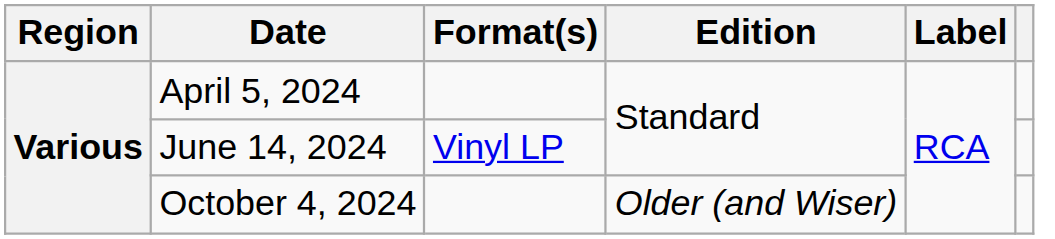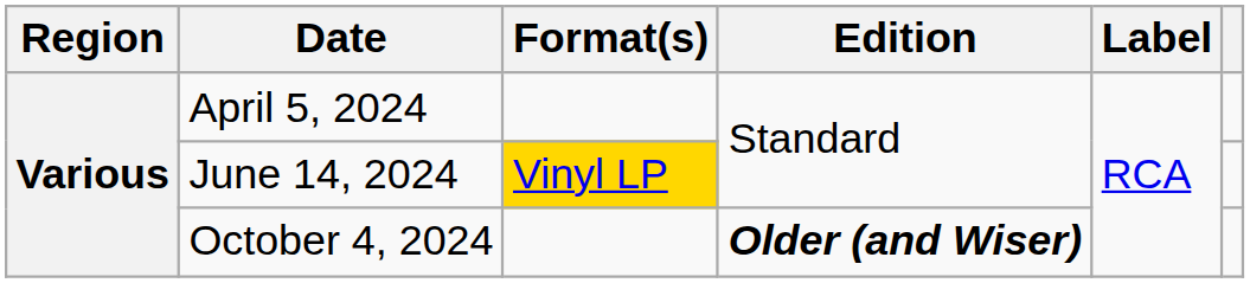 <table class="wikitable plainrowheaders">
 <tr>
 <th scope="col">Region</th>
 <th scope="col">Date</th>
 <th scope="col">Format(s)</th>
 <th scope="col">Edition</th>
 <th scope="col">Label</th>
 <th scope="col"></th>
 </tr>
 <tr>
 <th rowspan="3" scope="row">Various</th>
 <td>April 5, 2024</td>
 <td></td>
 <td rowspan="2">Standard</td>
 <td rowspan="3"><a href='#'>RCA</a></td>
 <td align="center"></td>
 </tr>
 <tr>
 <td>June 14, 2024</td>
-<td><a href='#'>Vinyl LP</a></td>
+<td style="background: gold;"><a href='#'>Vinyl LP</a></td>
 <td align="center"></td>
 </tr>
 <tr>
 <td>October 4, 2024</td>
 <td></td>
-<td><em>Older (and Wiser)</em></td>
+<td><strong><em>Older (and Wiser)</em></strong></td>
 <td align="center"></td>
 </tr>
 </table>
